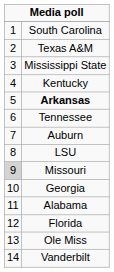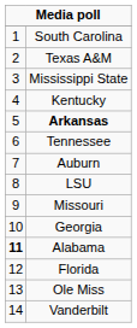 <table class="wikitable">
 <tr align="center">
 <td align="center" Colspan="3"><strong>Media poll</strong></td>
 </tr>
 <tr align="center">
 </tr>
 <tr align="center">
 <td>1</td>
 <td>South Carolina</td>
 </tr>
 <tr align="center">
 <td>2</td>
 <td>Texas A&M</td>
 </tr>
 <tr align="center">
 <td>3</td>
 <td>Mississippi State</td>
 </tr>
 <tr align="center">
 <td>4</td>
 <td>Kentucky</td>
 </tr>
 <tr align="center">
 <td>5</td>
 <td><strong>Arkansas</strong></td>
 </tr>
 <tr align="center">
 <td>6</td>
 <td>Tennessee</td>
 </tr>
 <tr align="center">
 <td>7</td>
 <td>Auburn</td>
 </tr>
 <tr align="center">
 <td>8</td>
 <td>LSU</td>
 </tr>
 <tr align="center">
-<td style="background: lightgrey;">9</td>
+<td>9</td>
 <td>Missouri</td>
 </tr>
 <tr align="center">
 <td>10</td>
 <td>Georgia</td>
 </tr>
 <tr align="center">
-<td>11</td>
+<td><strong>11</strong></td>
 <td>Alabama</td>
 </tr>
 <tr align="center">
 <td>12</td>
 <td>Florida</td>
 </tr>
 <tr align="center">
 <td>13</td>
 <td>Ole Miss</td>
 </tr>
 <tr align="center">
 <td>14</td>
 <td>Vanderbilt</td>
 </tr>
 </table>
